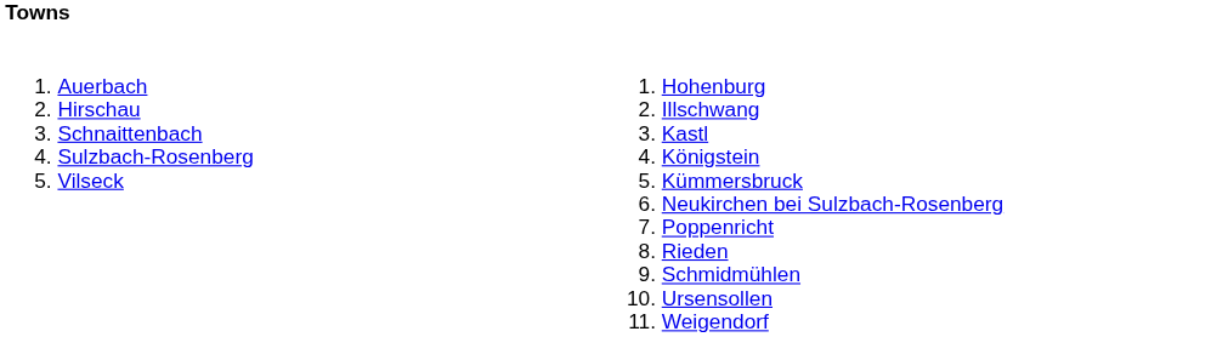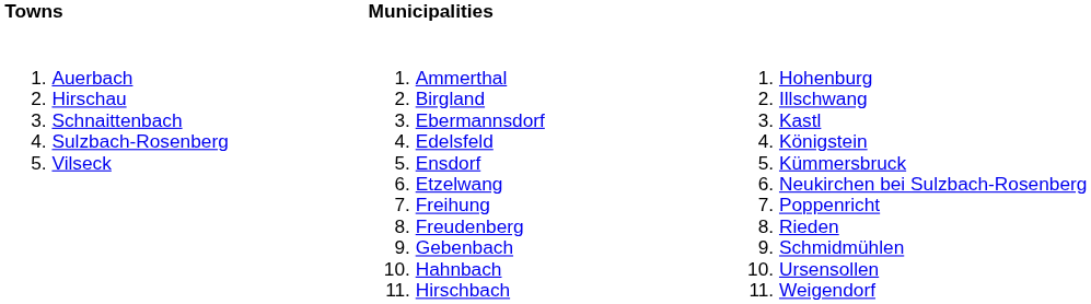 <table>
 <tr>
 <th width=33% align=left>Towns</th>
+<th width=33% align=left>Municipalities</th>
 <th width=33% align=left></th>
 </tr>
 <tr valign=top>
 <td><br><ol><li><a href='#'>Auerbach</a></li><li><a href='#'>Hirschau</a></li><li><a href='#'>Schnaittenbach</a></li><li><a href='#'>Sulzbach-Rosenberg</a></li><li><a href='#'>Vilseck</a></li></ol></td>
+<td><br><ol><li><a href='#'>Ammerthal</a></li><li><a href='#'>Birgland</a></li><li><a href='#'>Ebermannsdorf</a></li><li><a href='#'>Edelsfeld</a></li><li><a href='#'>Ensdorf</a></li><li><a href='#'>Etzelwang</a></li><li><a href='#'>Freihung</a></li><li><a href='#'>Freudenberg</a></li><li><a href='#'>Gebenbach</a></li><li><a href='#'>Hahnbach</a></li><li><a href='#'>Hirschbach</a></li></ol></td>
 <td><br><ol> <li> <a href='#'>Hohenburg</a> <li> <a href='#'>Illschwang</a> <li> <a href='#'>Kastl</a> <li> <a href='#'>Königstein</a> <li> <a href='#'>Kümmersbruck</a> <li> <a href='#'>Neukirchen bei Sulzbach-Rosenberg</a> <li> <a href='#'>Poppenricht</a> <li> <a href='#'>Rieden</a> <li> <a href='#'>Schmidmühlen</a> <li> <a href='#'>Ursensollen</a> <li> <a href='#'>Weigendorf</a> </ol></td>
 </tr>
 </table>
